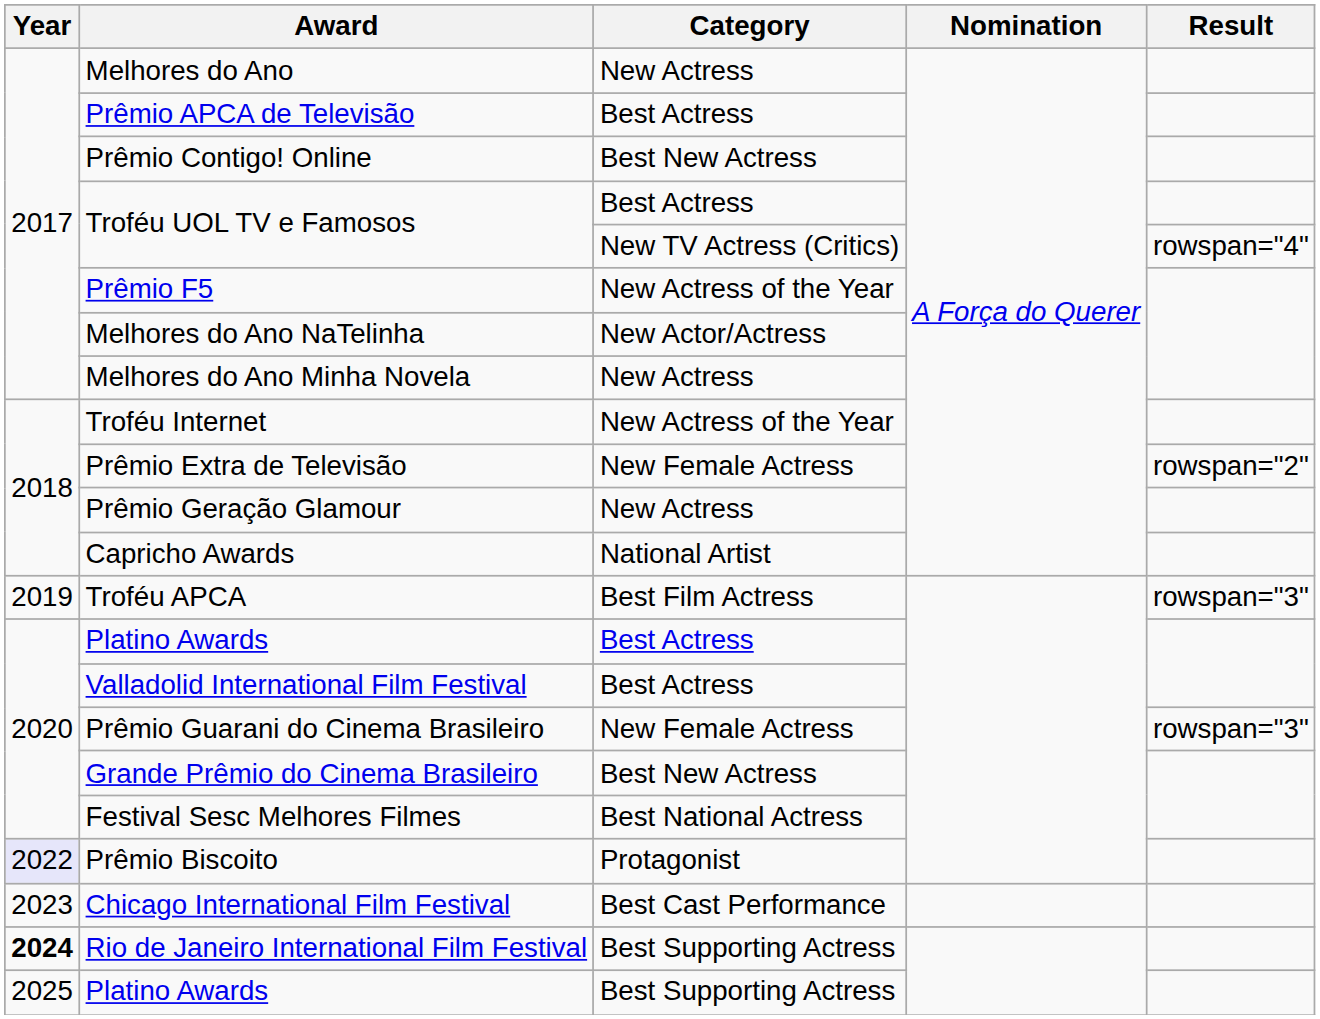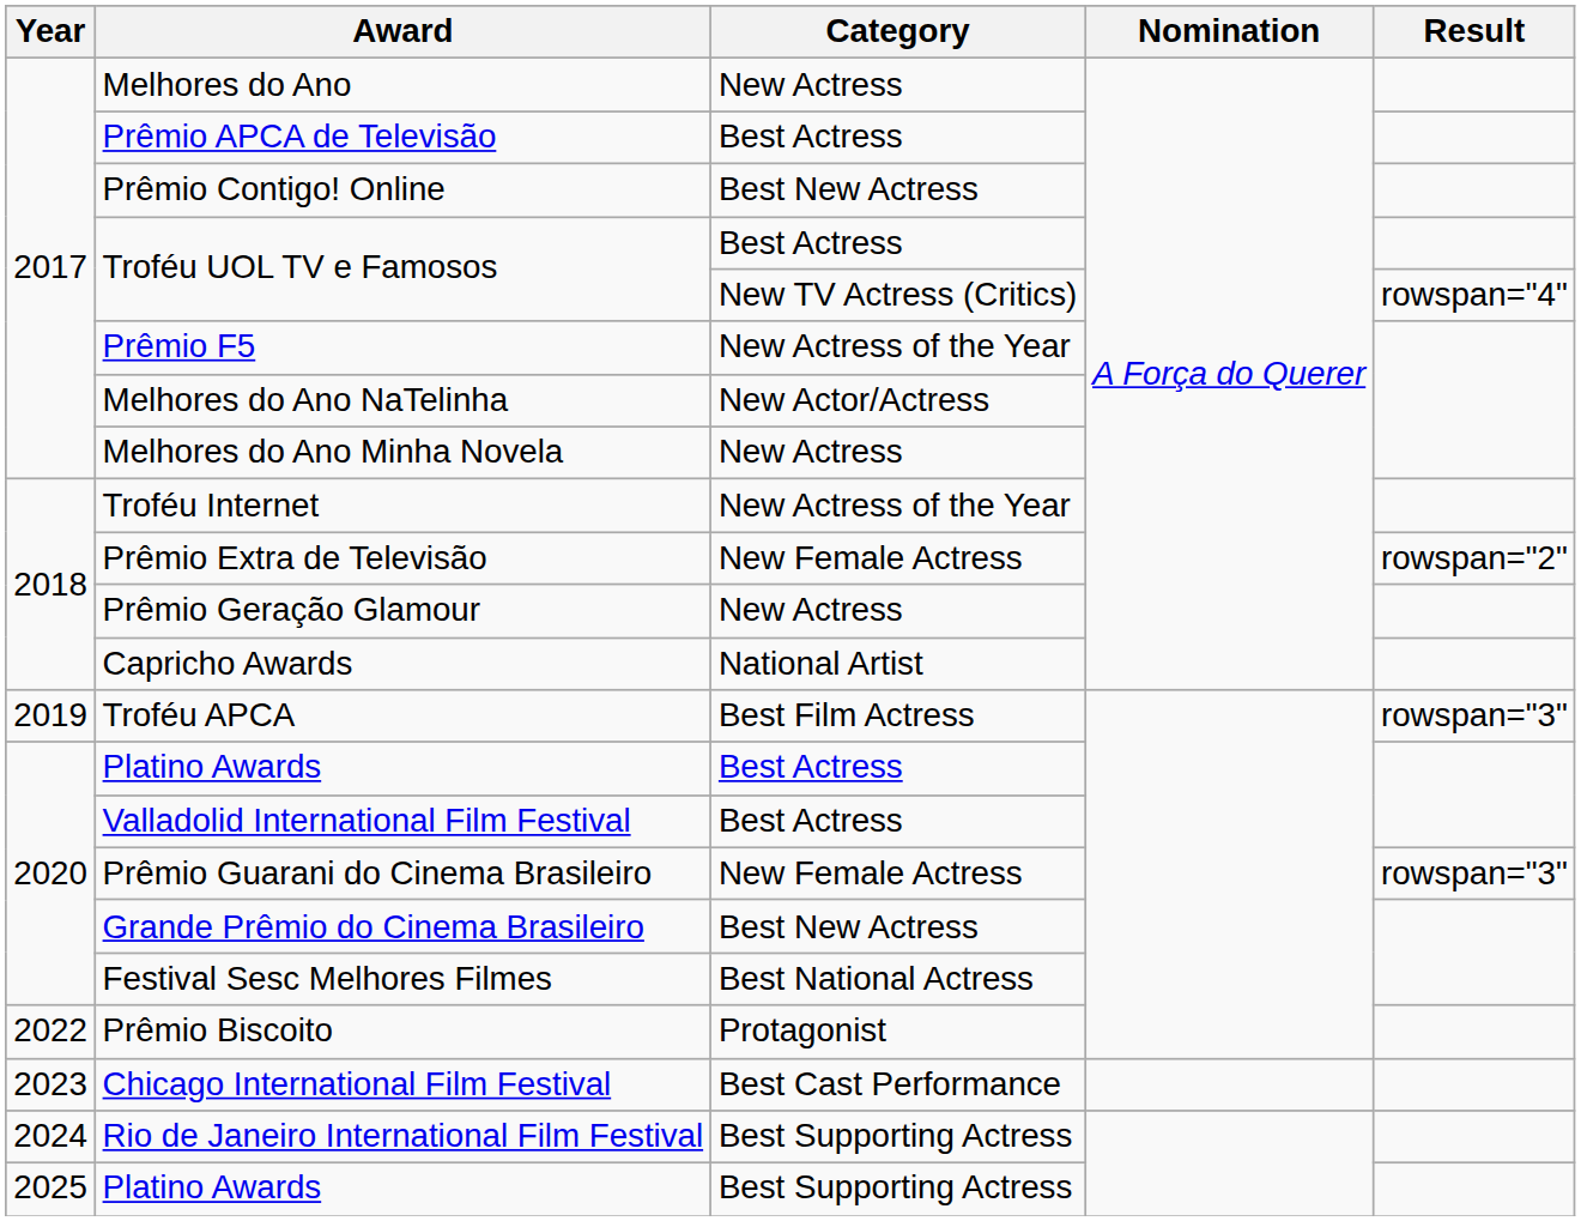 <table class="wikitable">
 <tr>
 <th>Year</th>
 <th>Award</th>
 <th>Category</th>
 <th>Nomination</th>
 <th>Result</th>
 </tr>
 <tr>
 <td rowspan="8">2017</td>
 <td>Melhores do Ano</td>
 <td>New Actress</td>
 <td rowspan="12"><em><a href='#'>A Força do Querer</a></em></td>
 <td></td>
 </tr>
 <tr>
 <td><a href='#'>Prêmio APCA de Televisão</a></td>
 <td>Best Actress</td>
 <td></td>
 </tr>
 <tr>
 <td>Prêmio Contigo! Online</td>
 <td>Best New Actress</td>
 <td></td>
 </tr>
 <tr>
 <td rowspan="2">Troféu UOL TV e Famosos</td>
 <td>Best Actress</td>
 <td></td>
 </tr>
 <tr>
 <td>New TV Actress (Critics)</td>
 <td>rowspan="4" </td>
 </tr>
 <tr>
 <td><a href='#'>Prêmio F5</a></td>
 <td>New Actress of the Year</td>
 </tr>
 <tr>
 <td>Melhores do Ano NaTelinha</td>
 <td>New Actor/Actress</td>
 </tr>
 <tr>
 <td>Melhores do Ano Minha Novela</td>
 <td>New Actress</td>
 </tr>
 <tr>
 <td rowspan="4">2018</td>
 <td>Troféu Internet</td>
 <td>New Actress of the Year</td>
 <td></td>
 </tr>
 <tr>
 <td>Prêmio Extra de Televisão</td>
 <td>New Female Actress</td>
 <td>rowspan="2" </td>
 </tr>
 <tr>
 <td>Prêmio Geração Glamour</td>
 <td>New Actress</td>
 </tr>
 <tr>
 <td>Capricho Awards</td>
 <td>National Artist</td>
 <td></td>
 </tr>
 <tr>
 <td>2019</td>
 <td>Troféu APCA</td>
 <td>Best Film Actress</td>
 <td rowspan="7"></td>
 <td>rowspan="3" </td>
 </tr>
 <tr>
 <td rowspan="5">2020</td>
 <td><a href='#'>Platino Awards</a></td>
 <td><a href='#'>Best Actress</a></td>
 </tr>
 <tr>
 <td><a href='#'>Valladolid International Film Festival</a></td>
 <td>Best Actress</td>
 </tr>
 <tr>
 <td>Prêmio Guarani do Cinema Brasileiro</td>
 <td>New Female Actress</td>
 <td>rowspan="3" </td>
 </tr>
 <tr>
 <td><a href='#'>Grande Prêmio do Cinema Brasileiro</a></td>
 <td>Best New Actress</td>
 </tr>
 <tr>
 <td>Festival Sesc Melhores Filmes</td>
 <td>Best National Actress</td>
 </tr>
 <tr>
-<td style="background: lavender;">2022</td>
+<td>2022</td>
 <td>Prêmio Biscoito</td>
 <td>Protagonist</td>
 <td></td>
 </tr>
 <tr>
 <td>2023</td>
 <td><a href='#'>Chicago International Film Festival</a></td>
 <td>Best Cast Performance</td>
 <td></td>
 <td></td>
 </tr>
 <tr>
-<td><strong>2024</strong></td>
+<td>2024</td>
 <td><a href='#'>Rio de Janeiro International Film Festival</a></td>
 <td>Best Supporting Actress</td>
 <td rowspan="2"></td>
 <td></td>
 </tr>
 <tr>
 <td>2025</td>
 <td><a href='#'>Platino Awards</a></td>
 <td>Best Supporting Actress</td>
 <td></td>
 </tr>
 </table>
